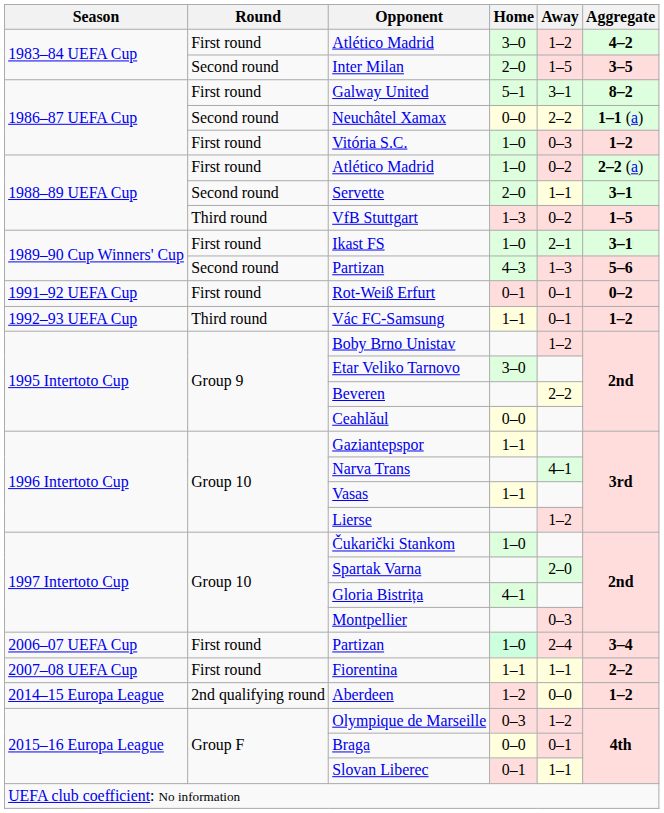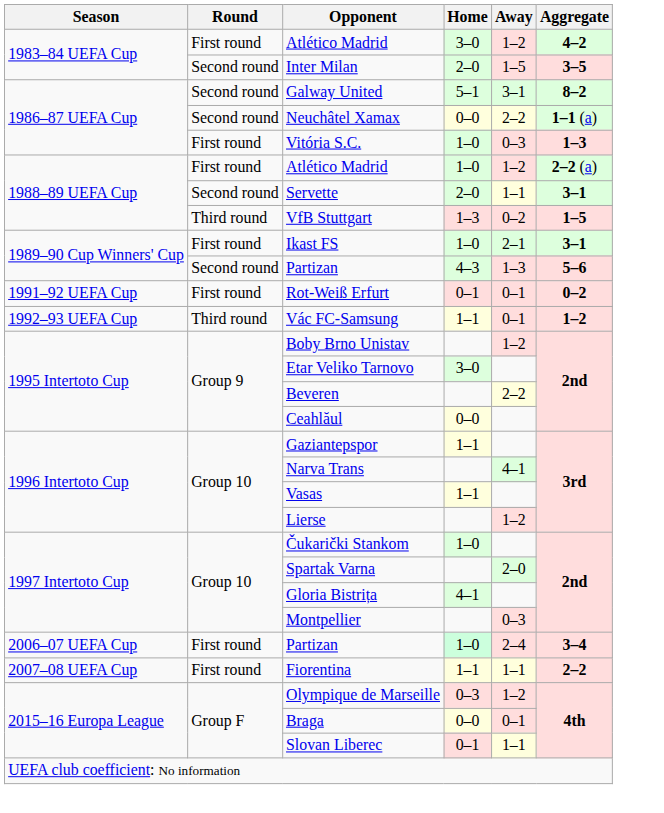 <table class="wikitable">
 <tr>
 <th>Season</th>
 <th>Round</th>
 <th>Opponent</th>
 <th>Home</th>
 <th>Away</th>
 <th>Aggregate</th>
 </tr>
 <tr>
 <td rowspan=2><a href='#'>1983–84 UEFA Cup</a></td>
 <td>First round</td>
 <td> <a href='#'>Atlético Madrid</a></td>
 <td bgcolor="#ddffdd" style="text-align:center;">3–0</td>
 <td bgcolor="#ffdddd" style="text-align:center;">1–2</td>
 <td bgcolor="#ddffdd" style="text-align:center;"><strong>4–2</strong></td>
 </tr>
 <tr>
 <td>Second round</td>
 <td> <a href='#'>Inter Milan</a></td>
 <td bgcolor="#ddffdd" style="text-align:center;">2–0</td>
 <td bgcolor="#ffdddd" style="text-align:center;">1–5</td>
 <td bgcolor="#ffdddd" style="text-align:center;"><strong>3–5</strong></td>
 </tr>
 <tr>
 <td rowspan=3><a href='#'>1986–87 UEFA Cup</a></td>
-<td>First round</td>
+<td>Second round</td>
 <td> <a href='#'>Galway United</a></td>
 <td bgcolor="#ddffdd" style="text-align:center;">5–1</td>
 <td bgcolor="#ddffdd" style="text-align:center;">3–1</td>
 <td bgcolor="#ddffdd" style="text-align:center;"><strong>8–2</strong></td>
 </tr>
 <tr>
 <td>Second round</td>
 <td> <a href='#'>Neuchâtel Xamax</a></td>
 <td bgcolor="#ffffdd" style="text-align:center;">0–0</td>
 <td bgcolor="#ffffdd" style="text-align:center;">2–2</td>
 <td bgcolor="#ddffdd" style="text-align:center;"><strong>1–1</strong> (<a href='#'>a</a>)</td>
 </tr>
 <tr>
 <td>First round</td>
 <td> <a href='#'>Vitória S.C.</a></td>
 <td bgcolor="#ddffdd" style="text-align:center;">1–0</td>
 <td bgcolor="#ffdddd" style="text-align:center;">0–3</td>
-<td bgcolor="#ffdddd" style="text-align:center;"><strong>1–2</strong></td>
+<td bgcolor="#ffdddd" style="text-align:center;"><strong>1–3</strong></td>
 </tr>
 <tr>
 <td rowspan=3><a href='#'>1988–89 UEFA Cup</a></td>
 <td>First round</td>
 <td> <a href='#'>Atlético Madrid</a></td>
 <td bgcolor="#ddffdd" style="text-align:center;">1–0</td>
-<td bgcolor="#ffdddd" style="text-align:center;">0–2</td>
+<td bgcolor="#ffdddd" style="text-align:center;">1–2</td>
 <td bgcolor="#ddffdd" style="text-align:center;"><strong>2–2</strong> (<a href='#'>a</a>)</td>
 </tr>
 <tr>
 <td>Second round</td>
 <td> <a href='#'>Servette</a></td>
 <td bgcolor="#ddffdd" style="text-align:center;">2–0</td>
 <td bgcolor="#ffffdd" style="text-align:center;">1–1</td>
 <td bgcolor="#ddffdd" style="text-align:center;"><strong>3–1</strong></td>
 </tr>
 <tr>
 <td>Third round</td>
 <td> <a href='#'>VfB Stuttgart</a></td>
 <td bgcolor="#ffdddd" style="text-align:center;">1–3</td>
 <td bgcolor="#ffdddd" style="text-align:center;">0–2</td>
 <td bgcolor="#ffdddd" style="text-align:center;"><strong>1–5</strong></td>
 </tr>
 <tr>
 <td rowspan=2><a href='#'>1989–90 Cup Winners' Cup</a></td>
 <td>First round</td>
 <td> <a href='#'>Ikast FS</a></td>
 <td bgcolor="#ddffdd" style="text-align:center;">1–0</td>
 <td bgcolor="#ddffdd" style="text-align:center;">2–1</td>
 <td bgcolor="#ddffdd" style="text-align:center;"><strong>3–1</strong></td>
 </tr>
 <tr>
 <td>Second round</td>
 <td> <a href='#'>Partizan</a></td>
 <td bgcolor="#ddffdd" style="text-align:center;">4–3</td>
 <td bgcolor="#ffdddd" style="text-align:center;">1–3</td>
 <td bgcolor="#ffdddd" style="text-align:center;"><strong>5–6</strong></td>
 </tr>
 <tr>
 <td><a href='#'>1991–92 UEFA Cup</a></td>
 <td>First round</td>
 <td> <a href='#'>Rot-Weiß Erfurt</a></td>
 <td bgcolor="#ffdddd" style="text-align:center;">0–1</td>
 <td bgcolor="#ffdddd" style="text-align:center;">0–1</td>
 <td bgcolor="#ffdddd" style="text-align:center;"><strong>0–2</strong></td>
 </tr>
 <tr>
 <td><a href='#'>1992–93 UEFA Cup</a></td>
 <td>Third round</td>
 <td> <a href='#'>Vác FC-Samsung</a></td>
 <td bgcolor="#ffffdd" style="text-align:center;">1–1</td>
 <td bgcolor="#ffdddd" style="text-align:center;">0–1</td>
 <td bgcolor="#ffdddd" style="text-align:center;"><strong>1–2</strong></td>
 </tr>
 <tr>
 <td rowspan=4><a href='#'>1995 Intertoto Cup</a></td>
 <td rowspan=4>Group 9</td>
 <td> <a href='#'>Boby Brno Unistav</a></td>
 <td></td>
 <td bgcolor="#ffdddd" style="text-align:center;">1–2</td>
 <td bgcolor="#ffdddd" style="text-align:center;" rowspan=4><strong>2nd</strong></td>
 </tr>
 <tr>
 <td> <a href='#'>Etar Veliko Tarnovo</a></td>
 <td bgcolor="#ddffdd" style="text-align:center;">3–0</td>
 <td></td>
 </tr>
 <tr>
 <td> <a href='#'>Beveren</a></td>
 <td></td>
 <td bgcolor="#ffffdd" style="text-align:center;">2–2</td>
 </tr>
 <tr>
 <td> <a href='#'>Ceahlăul</a></td>
 <td bgcolor="#ffffdd" style="text-align:center;">0–0</td>
 <td></td>
 </tr>
 <tr>
 <td rowspan=4><a href='#'>1996 Intertoto Cup</a></td>
 <td rowspan=4>Group 10</td>
 <td> <a href='#'>Gaziantepspor</a></td>
 <td bgcolor="#ffffdd" style="text-align:center;">1–1</td>
 <td></td>
 <td bgcolor="#ffdddd" style="text-align:center;" rowspan=4><strong>3rd</strong></td>
 </tr>
 <tr>
 <td> <a href='#'>Narva Trans</a></td>
 <td></td>
 <td bgcolor="#ddffdd" style="text-align:center;">4–1</td>
 </tr>
 <tr>
 <td> <a href='#'>Vasas</a></td>
 <td bgcolor="#ffffdd" style="text-align:center;">1–1</td>
 <td></td>
 </tr>
 <tr>
 <td> <a href='#'>Lierse</a></td>
 <td></td>
 <td bgcolor="#ffdddd" style="text-align:center;">1–2</td>
 </tr>
 <tr>
 <td rowspan=4><a href='#'>1997 Intertoto Cup</a></td>
 <td rowspan=4>Group 10</td>
 <td> <a href='#'>Čukarički Stankom</a></td>
 <td bgcolor="#ddffdd" style="text-align:center;">1–0</td>
 <td></td>
 <td bgcolor="#ffdddd" style="text-align:center;" rowspan=4><strong>2nd</strong></td>
 </tr>
 <tr>
 <td> <a href='#'>Spartak Varna</a></td>
 <td></td>
 <td bgcolor="#ddffdd" style="text-align:center;">2–0</td>
 </tr>
 <tr>
 <td> <a href='#'>Gloria Bistrița</a></td>
 <td bgcolor="#ddffdd" style="text-align:center;">4–1</td>
 <td></td>
 </tr>
 <tr>
 <td> <a href='#'>Montpellier</a></td>
 <td></td>
 <td bgcolor="#ffdddd" style="text-align:center;">0–3</td>
 </tr>
 <tr>
 <td><a href='#'>2006–07 UEFA Cup</a></td>
 <td>First round</td>
 <td> <a href='#'>Partizan</a></td>
 <td bgcolor="#ccffdd" style="text-align:center;">1–0</td>
 <td bgcolor="#ffdddd" style="text-align:center;">2–4</td>
 <td bgcolor="#ffdddd" style="text-align:center;"><strong>3–4</strong></td>
 </tr>
 <tr>
 <td><a href='#'>2007–08 UEFA Cup</a></td>
 <td>First round</td>
 <td> <a href='#'>Fiorentina</a></td>
 <td bgcolor="#ffffdd" style="text-align:center;">1–1</td>
 <td bgcolor="#ffffdd" style="text-align:center;">1–1</td>
 <td bgcolor="#ffdddd" style="text-align:center;"><strong>2–2</strong><br></td>
 </tr>
 <tr>
-<td><a href='#'>2014–15 Europa League</a></td>
-<td>2nd qualifying round</td>
-<td> <a href='#'>Aberdeen</a></td>
-<td bgcolor="#ffdddd" style="text-align:center;">1–2</td>
-<td bgcolor="#ffffdd" style="text-align:center;">0–0</td>
-<td bgcolor="#ffdddd" style="text-align:center;"><strong>1–2</strong></td>
-</tr>
-<tr>
 <td rowspan=3><a href='#'>2015–16 Europa League</a></td>
 <td rowspan=3>Group F</td>
 <td> <a href='#'>Olympique de Marseille</a></td>
 <td bgcolor="#ffdddd" style="text-align:center;">0–3</td>
 <td bgcolor="#ffdddd" style="text-align:center;">1–2</td>
 <td bgcolor="#ffdddd" style="text-align:center;" rowspan=3><strong>4th</strong></td>
 </tr>
 <tr>
 <td> <a href='#'>Braga</a></td>
 <td bgcolor="#ffffdd" style="text-align:center;">0–0</td>
 <td bgcolor="#ffdddd" style="text-align:center;">0–1</td>
 </tr>
 <tr>
 <td> <a href='#'>Slovan Liberec</a></td>
 <td bgcolor="#ffdddd" style="text-align:center;">0–1</td>
 <td bgcolor="#ffffdd" style="text-align:center;">1–1</td>
 </tr>
 <tr>
 <td colspan="6"><a href='#'>UEFA club coefficient</a>: <small>No information</small></td>
 </tr>
 </table>
